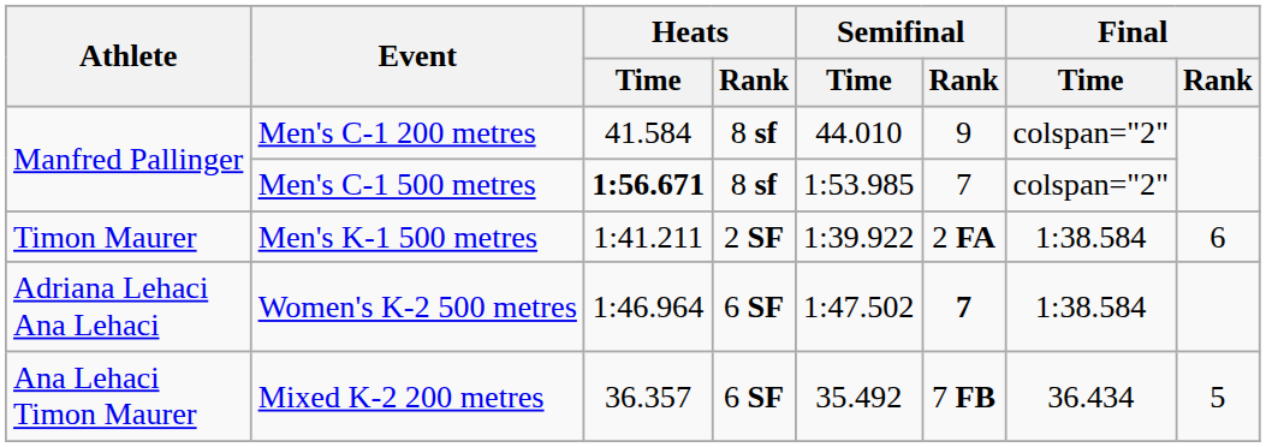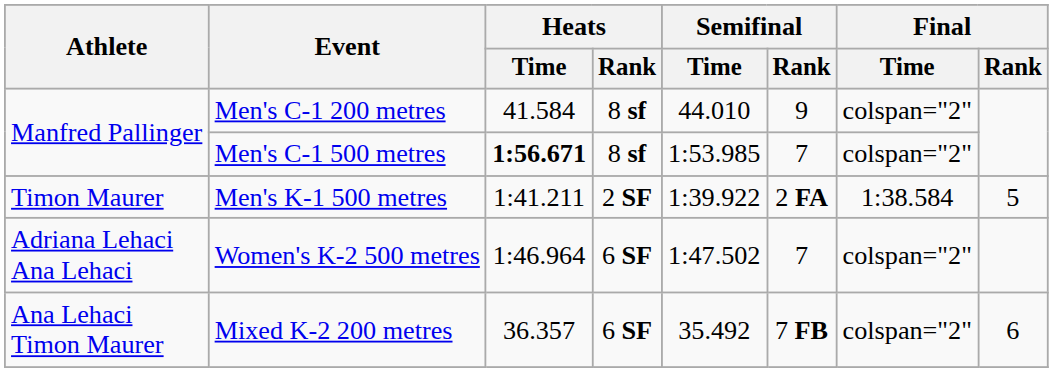 <table class="wikitable" style="text-align:center; font-size:90%">
 <tr>
 <th rowspan="2">Athlete</th>
 <th rowspan="2">Event</th>
 <th colspan="2">Heats</th>
 <th colspan="2">Semifinal</th>
 <th colspan="2">Final</th>
 </tr>
 <tr style="font-size:95%">
 <th>Time</th>
 <th>Rank</th>
 <th>Time</th>
 <th>Rank</th>
 <th>Time</th>
 <th>Rank</th>
 </tr>
 <tr>
 <td align="left" rowspan="2"><a href='#'>Manfred Pallinger</a></td>
 <td align="left"><a href='#'>Men's C-1 200 metres</a></td>
 <td>41.584</td>
 <td>8 <strong>sf</strong></td>
 <td>44.010</td>
 <td>9</td>
 <td>colspan="2" </td>
 </tr>
 <tr>
 <td align="left"><a href='#'>Men's C-1 500 metres</a></td>
 <td><strong>1:56.671</strong></td>
 <td>8 <strong>sf</strong></td>
 <td>1:53.985</td>
 <td>7</td>
 <td>colspan="2" </td>
 </tr>
 <tr>
 <td align="left"><a href='#'>Timon Maurer</a></td>
 <td align="left"><a href='#'>Men's K-1 500 metres</a></td>
 <td>1:41.211</td>
 <td>2 <strong>SF</strong></td>
 <td>1:39.922</td>
 <td>2 <strong>FA</strong></td>
 <td>1:38.584</td>
-<td>6</td>
+<td>5</td>
 </tr>
 <tr>
 <td align="left"><a href='#'>Adriana Lehaci</a><br><a href='#'>Ana Lehaci</a></td>
 <td align="left"><a href='#'>Women's K-2 500 metres</a></td>
 <td>1:46.964</td>
 <td>6 <strong>SF</strong></td>
 <td>1:47.502</td>
-<td><strong>7</strong></td>
-<td>1:38.584</td>
+<td>7</td>
+<td>colspan="2" </td>
 </tr>
 <tr>
 <td align="left"><a href='#'>Ana Lehaci</a><br><a href='#'>Timon Maurer</a></td>
 <td align="left"><a href='#'>Mixed K-2 200 metres</a></td>
 <td>36.357</td>
 <td>6 <strong>SF</strong></td>
 <td>35.492</td>
 <td>7 <strong>FB</strong></td>
-<td>36.434</td>
-<td>5</td>
+<td>colspan="2" </td>
+<td>6</td>
 </tr>
 </table>
